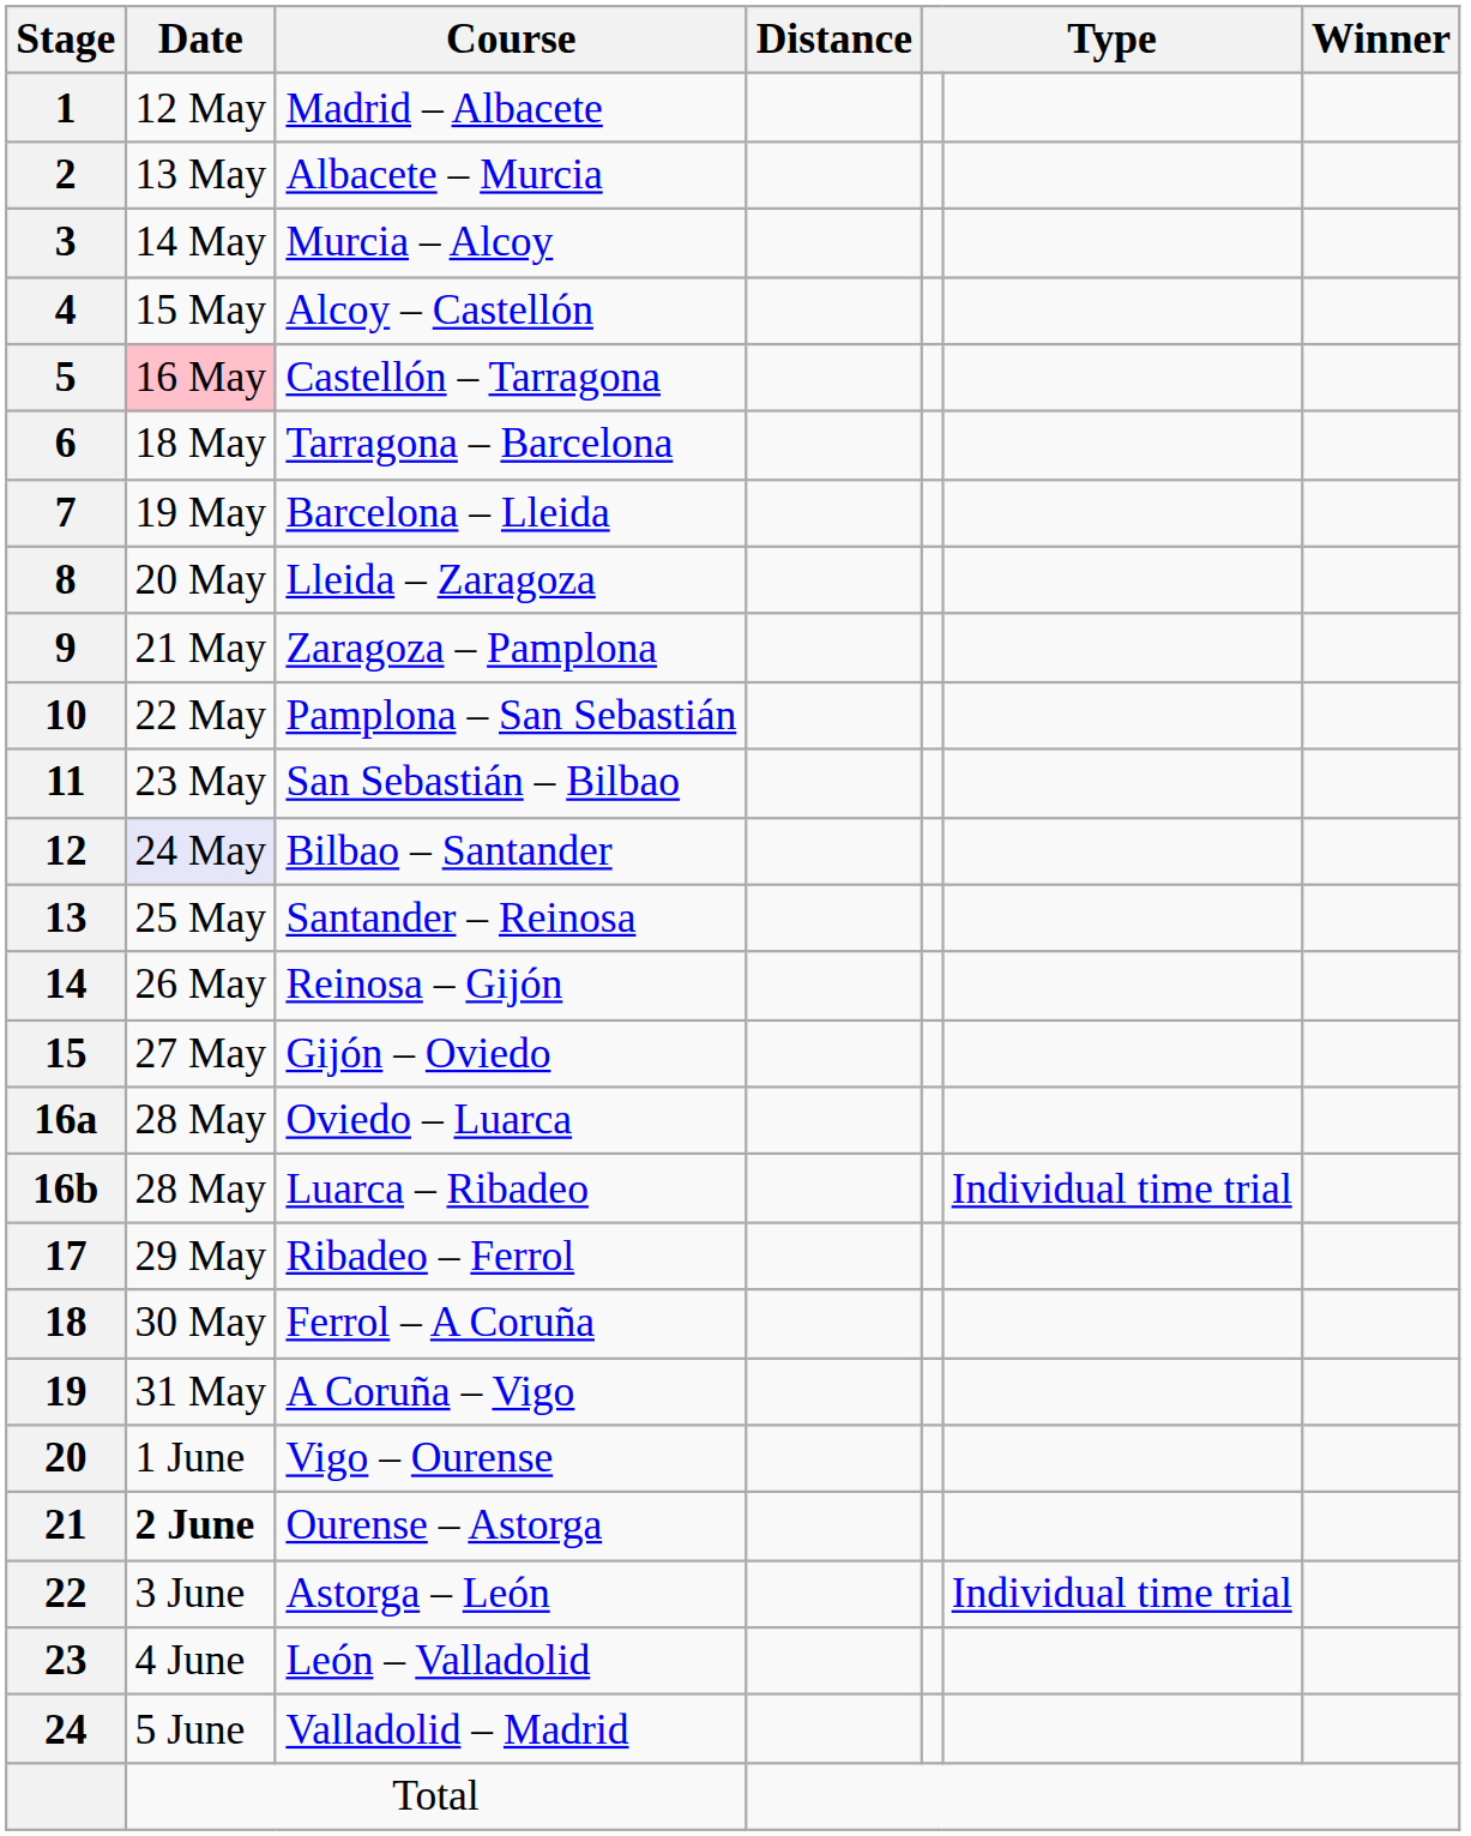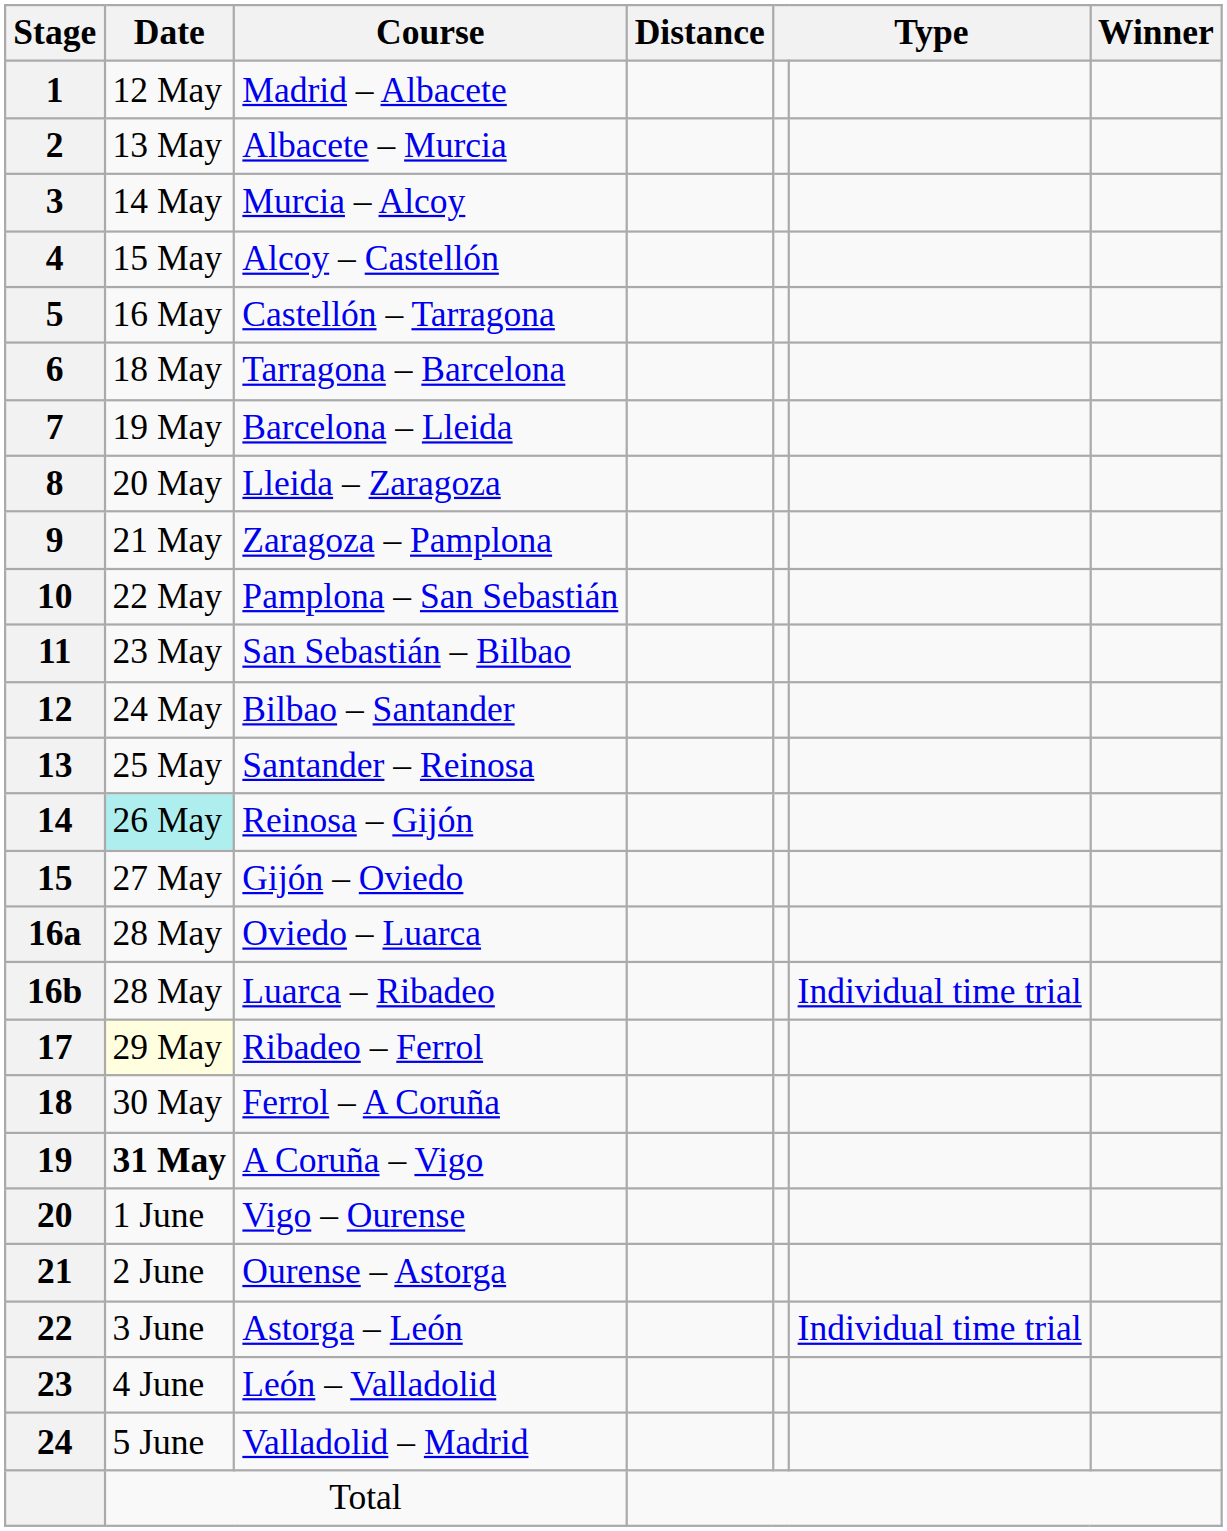 <table class="wikitable">
 <tr>
 <th scope="col">Stage</th>
 <th scope="col">Date</th>
 <th scope="col">Course</th>
 <th scope="col">Distance</th>
 <th scope="col" colspan="2">Type</th>
 <th scope="col">Winner</th>
 </tr>
 <tr>
 <th scope="row">1</th>
 <td>12 May</td>
 <td><a href='#'>Madrid</a> – <a href='#'>Albacete</a></td>
 <td style="text-align:center;"></td>
 <td></td>
 <td></td>
 <td></td>
 </tr>
 <tr>
 <th scope="row">2</th>
 <td>13 May</td>
 <td><a href='#'>Albacete</a> – <a href='#'>Murcia</a></td>
 <td style="text-align:center;"></td>
 <td></td>
 <td></td>
 <td></td>
 </tr>
 <tr>
 <th scope="row">3</th>
 <td>14 May</td>
 <td><a href='#'>Murcia</a> – <a href='#'>Alcoy</a></td>
 <td style="text-align:center;"></td>
 <td></td>
 <td></td>
 <td></td>
 </tr>
 <tr>
 <th scope="row">4</th>
 <td>15 May</td>
 <td><a href='#'>Alcoy</a> – <a href='#'>Castellón</a></td>
 <td style="text-align:center;"></td>
 <td></td>
 <td></td>
 <td></td>
 </tr>
 <tr>
 <th scope="row">5</th>
-<td style="background: pink;">16 May</td>
+<td>16 May</td>
 <td><a href='#'>Castellón</a> – <a href='#'>Tarragona</a></td>
 <td style="text-align:center;"></td>
 <td></td>
 <td></td>
 <td></td>
 </tr>
 <tr>
 <th scope="row">6</th>
 <td>18 May</td>
 <td><a href='#'>Tarragona</a> – <a href='#'>Barcelona</a></td>
 <td style="text-align:center;"></td>
 <td></td>
 <td></td>
 <td></td>
 </tr>
 <tr>
 <th scope="row">7</th>
 <td>19 May</td>
 <td><a href='#'>Barcelona</a> – <a href='#'>Lleida</a></td>
 <td style="text-align:center;"></td>
 <td></td>
 <td></td>
 <td></td>
 </tr>
 <tr>
 <th scope="row">8</th>
 <td>20 May</td>
 <td><a href='#'>Lleida</a> – <a href='#'>Zaragoza</a></td>
 <td style="text-align:center;"></td>
 <td></td>
 <td></td>
 <td></td>
 </tr>
 <tr>
 <th scope="row">9</th>
 <td>21 May</td>
 <td><a href='#'>Zaragoza</a> – <a href='#'>Pamplona</a></td>
 <td style="text-align:center;"></td>
 <td></td>
 <td></td>
 <td></td>
 </tr>
 <tr>
 <th scope="row">10</th>
 <td>22 May</td>
 <td><a href='#'>Pamplona</a> – <a href='#'>San Sebastián</a></td>
 <td style="text-align:center;"></td>
 <td></td>
 <td></td>
 <td></td>
 </tr>
 <tr>
 <th scope="row">11</th>
 <td>23 May</td>
 <td><a href='#'>San Sebastián</a> – <a href='#'>Bilbao</a></td>
 <td style="text-align:center;"></td>
 <td></td>
 <td></td>
 <td></td>
 </tr>
 <tr>
 <th scope="row">12</th>
-<td style="background: lavender;">24 May</td>
+<td>24 May</td>
 <td><a href='#'>Bilbao</a> – <a href='#'>Santander</a></td>
 <td style="text-align:center;"></td>
 <td></td>
 <td></td>
 <td></td>
 </tr>
 <tr>
 <th scope="row">13</th>
 <td>25 May</td>
 <td><a href='#'>Santander</a> – <a href='#'>Reinosa</a></td>
 <td style="text-align:center;"></td>
 <td></td>
 <td></td>
 <td></td>
 </tr>
 <tr>
 <th scope="row">14</th>
-<td>26 May</td>
+<td style="background: paleturquoise;">26 May</td>
 <td><a href='#'>Reinosa</a> – <a href='#'>Gijón</a></td>
 <td style="text-align:center;"></td>
 <td></td>
 <td></td>
 <td></td>
 </tr>
 <tr>
 <th scope="row">15</th>
 <td>27 May</td>
 <td><a href='#'>Gijón</a> – <a href='#'>Oviedo</a></td>
 <td style="text-align:center;"></td>
 <td></td>
 <td></td>
 <td></td>
 </tr>
 <tr>
 <th scope="row">16a</th>
 <td>28 May</td>
 <td><a href='#'>Oviedo</a> – <a href='#'>Luarca</a></td>
 <td style="text-align:center;"></td>
 <td></td>
 <td></td>
 <td></td>
 </tr>
 <tr>
 <th scope="row">16b</th>
 <td>28 May</td>
 <td><a href='#'>Luarca</a> – <a href='#'>Ribadeo</a></td>
 <td style="text-align:center;"></td>
 <td></td>
 <td><a href='#'>Individual time trial</a></td>
 <td></td>
 </tr>
 <tr>
 <th scope="row">17</th>
-<td>29 May</td>
+<td style="background: lightyellow;">29 May</td>
 <td><a href='#'>Ribadeo</a> – <a href='#'>Ferrol</a></td>
 <td style="text-align:center;"></td>
 <td></td>
 <td></td>
 <td></td>
 </tr>
 <tr>
 <th scope="row">18</th>
 <td>30 May</td>
 <td><a href='#'>Ferrol</a> – <a href='#'>A Coruña</a></td>
 <td style="text-align:center;"></td>
 <td></td>
 <td></td>
 <td></td>
 </tr>
 <tr>
 <th scope="row">19</th>
-<td>31 May</td>
+<td><strong>31 May</strong></td>
 <td><a href='#'>A Coruña</a> – <a href='#'>Vigo</a></td>
 <td style="text-align:center;"></td>
 <td></td>
 <td></td>
 <td></td>
 </tr>
 <tr>
 <th scope="row">20</th>
 <td>1 June</td>
 <td><a href='#'>Vigo</a> – <a href='#'>Ourense</a></td>
 <td style="text-align:center;"></td>
 <td></td>
 <td></td>
 <td></td>
 </tr>
 <tr>
 <th scope="row">21</th>
-<td><strong>2 June</strong></td>
+<td>2 June</td>
 <td><a href='#'>Ourense</a> – <a href='#'>Astorga</a></td>
 <td style="text-align:center;"></td>
 <td></td>
 <td></td>
 <td></td>
 </tr>
 <tr>
 <th scope="row">22</th>
 <td>3 June</td>
 <td><a href='#'>Astorga</a> – <a href='#'>León</a></td>
 <td style="text-align:center;"></td>
 <td></td>
 <td><a href='#'>Individual time trial</a></td>
 <td></td>
 </tr>
 <tr>
 <th scope="row">23</th>
 <td>4 June</td>
 <td><a href='#'>León</a> – <a href='#'>Valladolid</a></td>
 <td style="text-align:center;"></td>
 <td></td>
 <td></td>
 <td></td>
 </tr>
 <tr>
 <th scope="row">24</th>
 <td>5 June</td>
 <td><a href='#'>Valladolid</a> – <a href='#'>Madrid</a></td>
 <td style="text-align:center;"></td>
 <td></td>
 <td></td>
 <td></td>
 </tr>
 <tr>
 <th scope="row"></th>
 <td colspan="2" style="text-align:center">Total</td>
 <td colspan="4" style="text-align:center"></td>
 </tr>
 </table>
